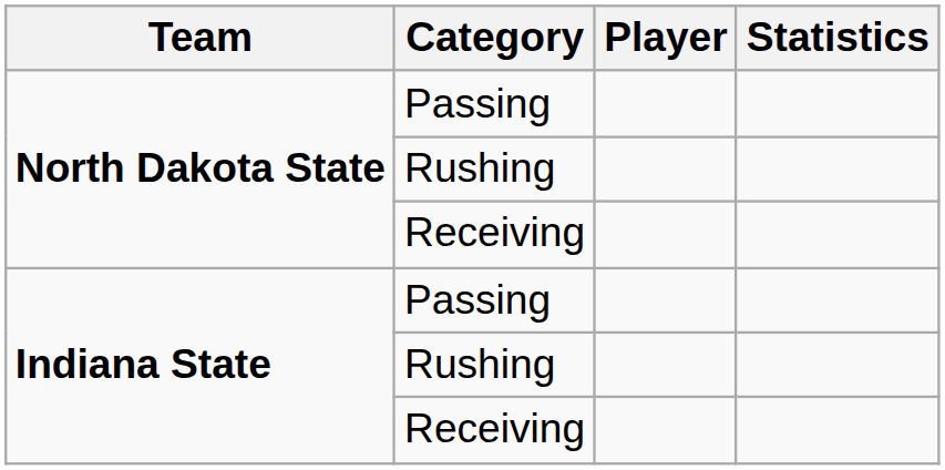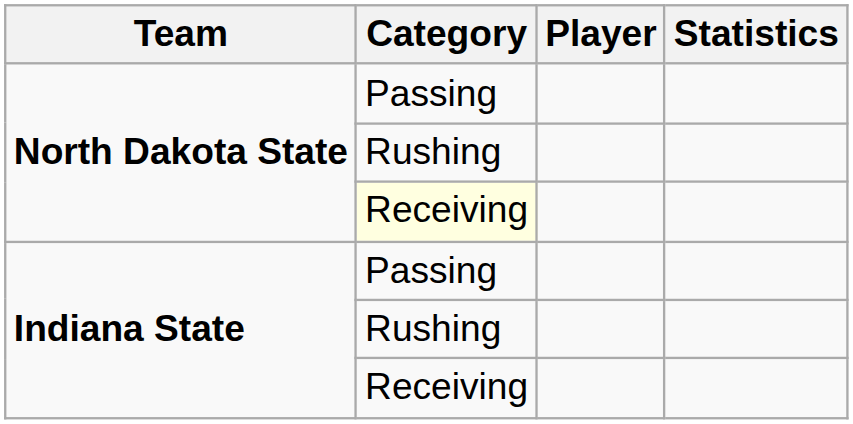 <table class="wikitable" style="float: right;">
 <tr>
 <th>Team</th>
 <th>Category</th>
 <th>Player</th>
 <th>Statistics</th>
 </tr>
 <tr>
 <td rowspan=3><strong>North Dakota State</strong></td>
 <td>Passing</td>
 <td></td>
 <td></td>
 </tr>
 <tr>
 <td>Rushing</td>
 <td></td>
 <td></td>
 </tr>
 <tr>
-<td>Receiving</td>
+<td style="background: lightyellow;">Receiving</td>
 <td></td>
 <td></td>
 </tr>
 <tr>
 <td rowspan=3><strong>Indiana State</strong></td>
 <td>Passing</td>
 <td></td>
 <td></td>
 </tr>
 <tr>
 <td>Rushing</td>
 <td></td>
 <td></td>
 </tr>
 <tr>
 <td>Receiving</td>
 <td></td>
 <td></td>
 </tr>
 </table>
